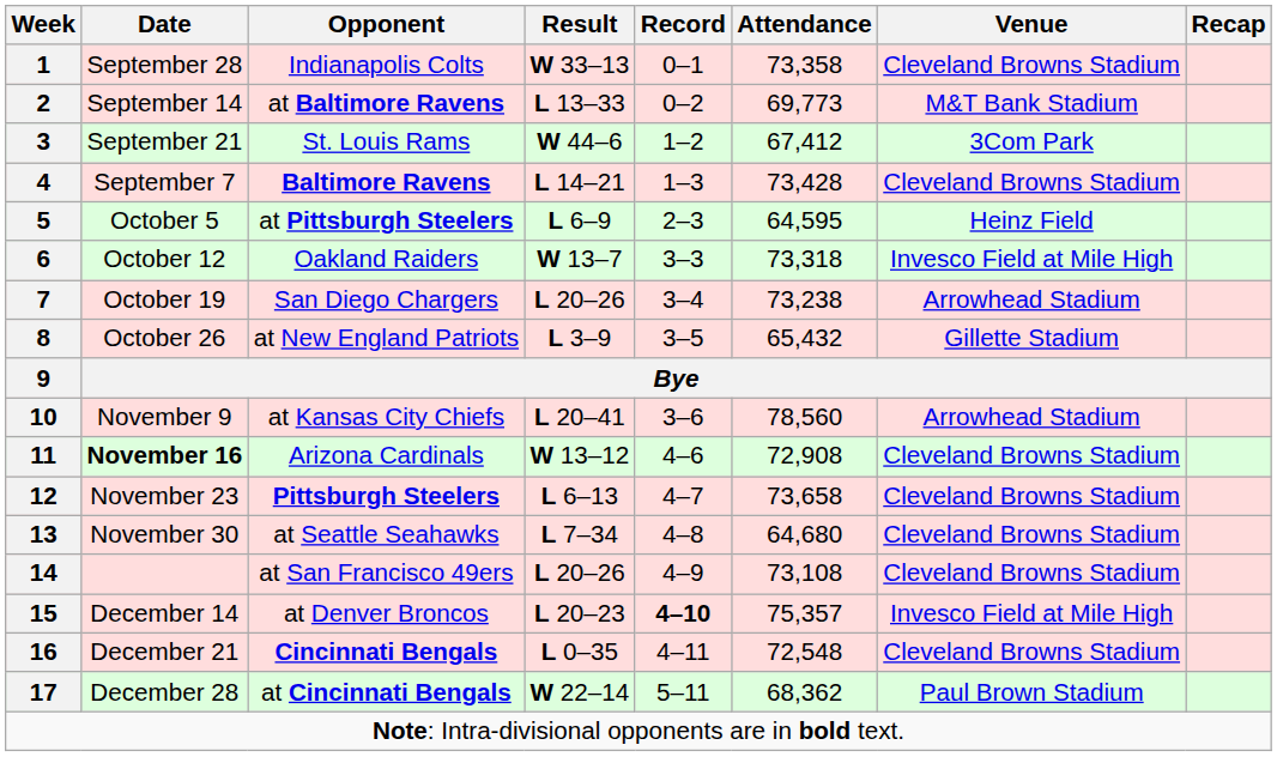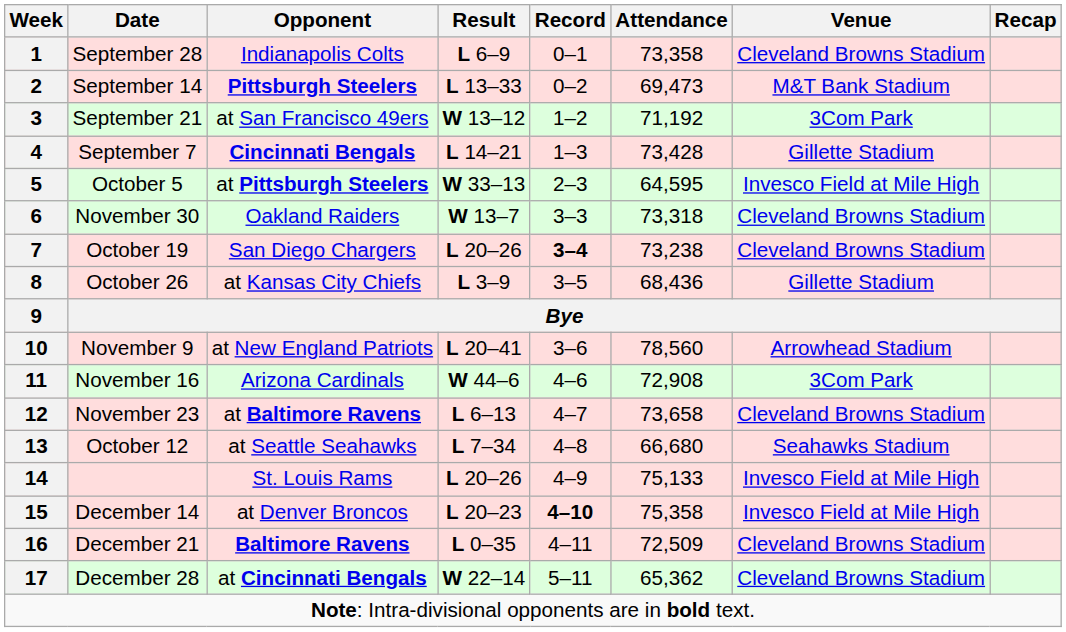 <table class="wikitable" style="text-align:center">
 <tr>
 <th>Week</th>
 <th>Date</th>
 <th>Opponent</th>
 <th>Result</th>
 <th>Record</th>
 <th>Attendance</th>
 <th>Venue</th>
 <th>Recap</th>
 </tr>
 <tr style="background: #ffdddd;">
 <th>1</th>
 <td>September 28</td>
 <td><a href='#'>Indianapolis Colts</a></td>
-<td><strong>W</strong> 33–13</td>
+<td><strong>L</strong> 6–9</td>
 <td>0–1</td>
 <td>73,358</td>
 <td><a href='#'>Cleveland Browns Stadium</a></td>
 <td></td>
 </tr>
 <tr style="background: #ffdddd;">
 <th>2</th>
 <td>September 14</td>
-<td>at <strong><a href='#'>Baltimore Ravens</a></strong></td>
+<td><strong><a href='#'>Pittsburgh Steelers</a></strong></td>
 <td><strong>L</strong> 13–33</td>
 <td>0–2</td>
-<td>69,773</td>
+<td>69,473</td>
 <td><a href='#'>M&T Bank Stadium</a></td>
 <td></td>
 </tr>
 <tr style="background: #ddffdd;">
 <th>3</th>
 <td>September 21</td>
-<td><a href='#'>St. Louis Rams</a></td>
-<td><strong>W</strong> 44–6</td>
+<td>at <a href='#'>San Francisco 49ers</a></td>
+<td><strong>W</strong> 13–12</td>
 <td>1–2</td>
-<td>67,412</td>
+<td>71,192</td>
 <td><a href='#'>3Com Park</a></td>
 <td></td>
 </tr>
 <tr style="background: #ffdddd;">
 <th>4</th>
 <td>September 7</td>
-<td><strong><a href='#'>Baltimore Ravens</a></strong></td>
+<td><strong><a href='#'>Cincinnati Bengals</a></strong></td>
 <td><strong>L</strong> 14–21</td>
 <td>1–3</td>
 <td>73,428</td>
-<td><a href='#'>Cleveland Browns Stadium</a></td>
+<td><a href='#'>Gillette Stadium</a></td>
 <td></td>
 </tr>
 <tr style="background: #ddffdd;">
 <th>5</th>
 <td>October 5</td>
 <td>at <strong><a href='#'>Pittsburgh Steelers</a></strong></td>
-<td><strong>L</strong> 6–9</td>
+<td><strong>W</strong> 33–13</td>
 <td>2–3</td>
 <td>64,595</td>
-<td><a href='#'>Heinz Field</a></td>
+<td><a href='#'>Invesco Field at Mile High</a></td>
 <td></td>
 </tr>
 <tr style="background: #ddffdd;">
 <th>6</th>
-<td>October 12</td>
+<td>November 30</td>
 <td><a href='#'>Oakland Raiders</a></td>
 <td><strong>W</strong> 13–7</td>
 <td>3–3</td>
 <td>73,318</td>
-<td><a href='#'>Invesco Field at Mile High</a></td>
+<td><a href='#'>Cleveland Browns Stadium</a></td>
 <td></td>
 </tr>
 <tr style="background: #ffdddd;">
 <th>7</th>
 <td>October 19</td>
 <td><a href='#'>San Diego Chargers</a></td>
 <td><strong>L</strong> 20–26</td>
-<td>3–4</td>
+<td><strong>3–4</strong></td>
 <td>73,238</td>
-<td><a href='#'>Arrowhead Stadium</a></td>
+<td><a href='#'>Cleveland Browns Stadium</a></td>
 <td></td>
 </tr>
 <tr style="background: #ffdddd;">
 <th>8</th>
 <td>October 26</td>
-<td>at <a href='#'>New England Patriots</a></td>
+<td>at <a href='#'>Kansas City Chiefs</a></td>
 <td><strong>L</strong> 3–9</td>
 <td>3–5</td>
-<td>65,432</td>
+<td>68,436</td>
 <td><a href='#'>Gillette Stadium</a></td>
 <td></td>
 </tr>
 <tr>
 <th>9</th>
 <th colspan="9" align="center"><em>Bye</em></th>
 </tr>
 <tr style="background: #ffdddd;">
 <th>10</th>
 <td>November 9</td>
-<td>at <a href='#'>Kansas City Chiefs</a></td>
+<td>at <a href='#'>New England Patriots</a></td>
 <td><strong>L</strong> 20–41</td>
 <td>3–6</td>
 <td>78,560</td>
 <td><a href='#'>Arrowhead Stadium</a></td>
 <td></td>
 </tr>
 <tr style="background: #ddffdd;">
 <th>11</th>
-<td><strong>November 16</strong></td>
+<td>November 16</td>
 <td><a href='#'>Arizona Cardinals</a></td>
-<td><strong>W</strong> 13–12</td>
+<td><strong>W</strong> 44–6</td>
 <td>4–6</td>
 <td>72,908</td>
-<td><a href='#'>Cleveland Browns Stadium</a></td>
+<td><a href='#'>3Com Park</a></td>
 <td></td>
 </tr>
 <tr style="background: #ffdddd;">
 <th>12</th>
 <td>November 23</td>
-<td><strong><a href='#'>Pittsburgh Steelers</a></strong></td>
+<td>at <strong><a href='#'>Baltimore Ravens</a></strong></td>
 <td><strong>L</strong> 6–13</td>
 <td>4–7</td>
 <td>73,658</td>
 <td><a href='#'>Cleveland Browns Stadium</a></td>
 <td></td>
 </tr>
 <tr style="background: #ffdddd;">
 <th>13</th>
-<td>November 30</td>
+<td>October 12</td>
 <td>at <a href='#'>Seattle Seahawks</a></td>
 <td><strong>L</strong> 7–34</td>
 <td>4–8</td>
-<td>64,680</td>
-<td><a href='#'>Cleveland Browns Stadium</a></td>
+<td>66,680</td>
+<td><a href='#'>Seahawks Stadium</a></td>
 <td></td>
 </tr>
 <tr style="background: #ffdddd;">
 <th>14</th>
 <td></td>
-<td>at <a href='#'>San Francisco 49ers</a></td>
+<td><a href='#'>St. Louis Rams</a></td>
 <td><strong>L</strong> 20–26</td>
 <td>4–9</td>
-<td>73,108</td>
-<td><a href='#'>Cleveland Browns Stadium</a></td>
+<td>75,133</td>
+<td><a href='#'>Invesco Field at Mile High</a></td>
 <td></td>
 </tr>
 <tr style="background: #ffdddd;">
 <th>15</th>
 <td>December 14</td>
 <td>at <a href='#'>Denver Broncos</a></td>
 <td><strong>L</strong> 20–23</td>
 <td><strong>4–10</strong></td>
-<td>75,357</td>
+<td>75,358</td>
 <td><a href='#'>Invesco Field at Mile High</a></td>
 <td></td>
 </tr>
 <tr style="background: #ffdddd;">
 <th>16</th>
 <td>December 21</td>
-<td><strong><a href='#'>Cincinnati Bengals</a></strong></td>
+<td><strong><a href='#'>Baltimore Ravens</a></strong></td>
 <td><strong>L</strong> 0–35</td>
 <td>4–11</td>
-<td>72,548</td>
+<td>72,509</td>
 <td><a href='#'>Cleveland Browns Stadium</a></td>
 <td></td>
 </tr>
 <tr style="background: #ddffdd;">
 <th>17</th>
 <td>December 28</td>
 <td>at <strong><a href='#'>Cincinnati Bengals</a></strong></td>
 <td><strong>W</strong> 22–14</td>
 <td>5–11</td>
-<td>68,362</td>
-<td><a href='#'>Paul Brown Stadium</a></td>
+<td>65,362</td>
+<td><a href='#'>Cleveland Browns Stadium</a></td>
 <td></td>
 </tr>
 <tr>
 <td colspan="8"><strong>Note</strong>: Intra-divisional opponents are in <strong>bold</strong> text.</td>
 </tr>
 </table>
